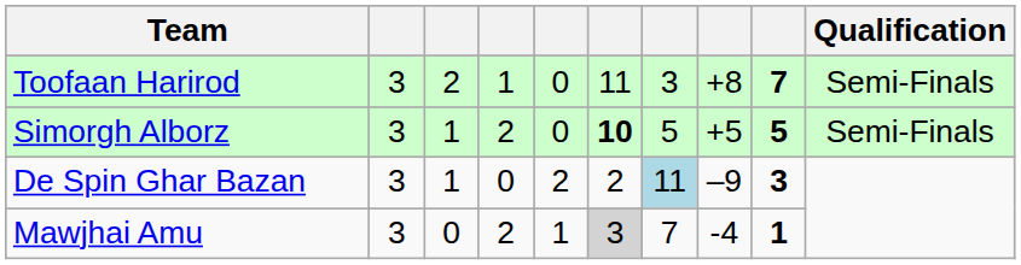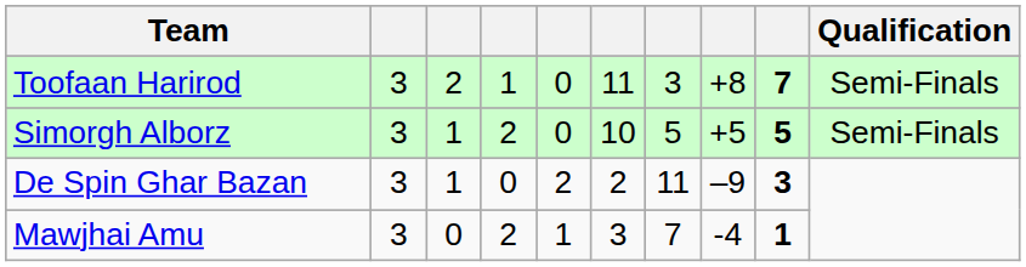 <table class="wikitable" style="text-align:center">
 <tr>
 <th width="175">Team</th>
 <th width="20"></th>
 <th width="20"></th>
 <th width="20"></th>
 <th width="20"></th>
 <th width="20"></th>
 <th width="20"></th>
 <th width="20"></th>
 <th width="20"></th>
 <th width="20">Qualification</th>
 </tr>
 <tr bgcolor="#ccffcc">
 <td align=left><a href='#'>Toofaan Harirod</a></td>
 <td>3</td>
 <td>2</td>
 <td>1</td>
 <td>0</td>
 <td>11</td>
 <td>3</td>
 <td>+8</td>
 <td><strong>7</strong></td>
 <td>Semi-Finals</td>
 </tr>
 <tr bgcolor="#ccffcc">
 <td align=left><a href='#'>Simorgh Alborz</a></td>
 <td>3</td>
 <td>1</td>
 <td>2</td>
 <td>0</td>
-<td><strong>10</strong></td>
+<td>10</td>
 <td>5</td>
 <td>+5</td>
 <td><strong>5</strong></td>
 <td>Semi-Finals</td>
 </tr>
 <tr>
 <td align=left><a href='#'>De Spin Ghar Bazan</a></td>
 <td>3</td>
 <td>1</td>
 <td>0</td>
 <td>2</td>
 <td>2</td>
-<td style="background: lightblue;">11</td>
+<td>11</td>
 <td>–9</td>
 <td><strong>3</strong></td>
 </tr>
 <tr>
 <td align=left><a href='#'>Mawjhai Amu</a></td>
 <td>3</td>
 <td>0</td>
 <td>2</td>
 <td>1</td>
-<td style="background: lightgrey;">3</td>
+<td>3</td>
 <td>7</td>
 <td>-4</td>
 <td><strong>1</strong></td>
 </tr>
 </table>
